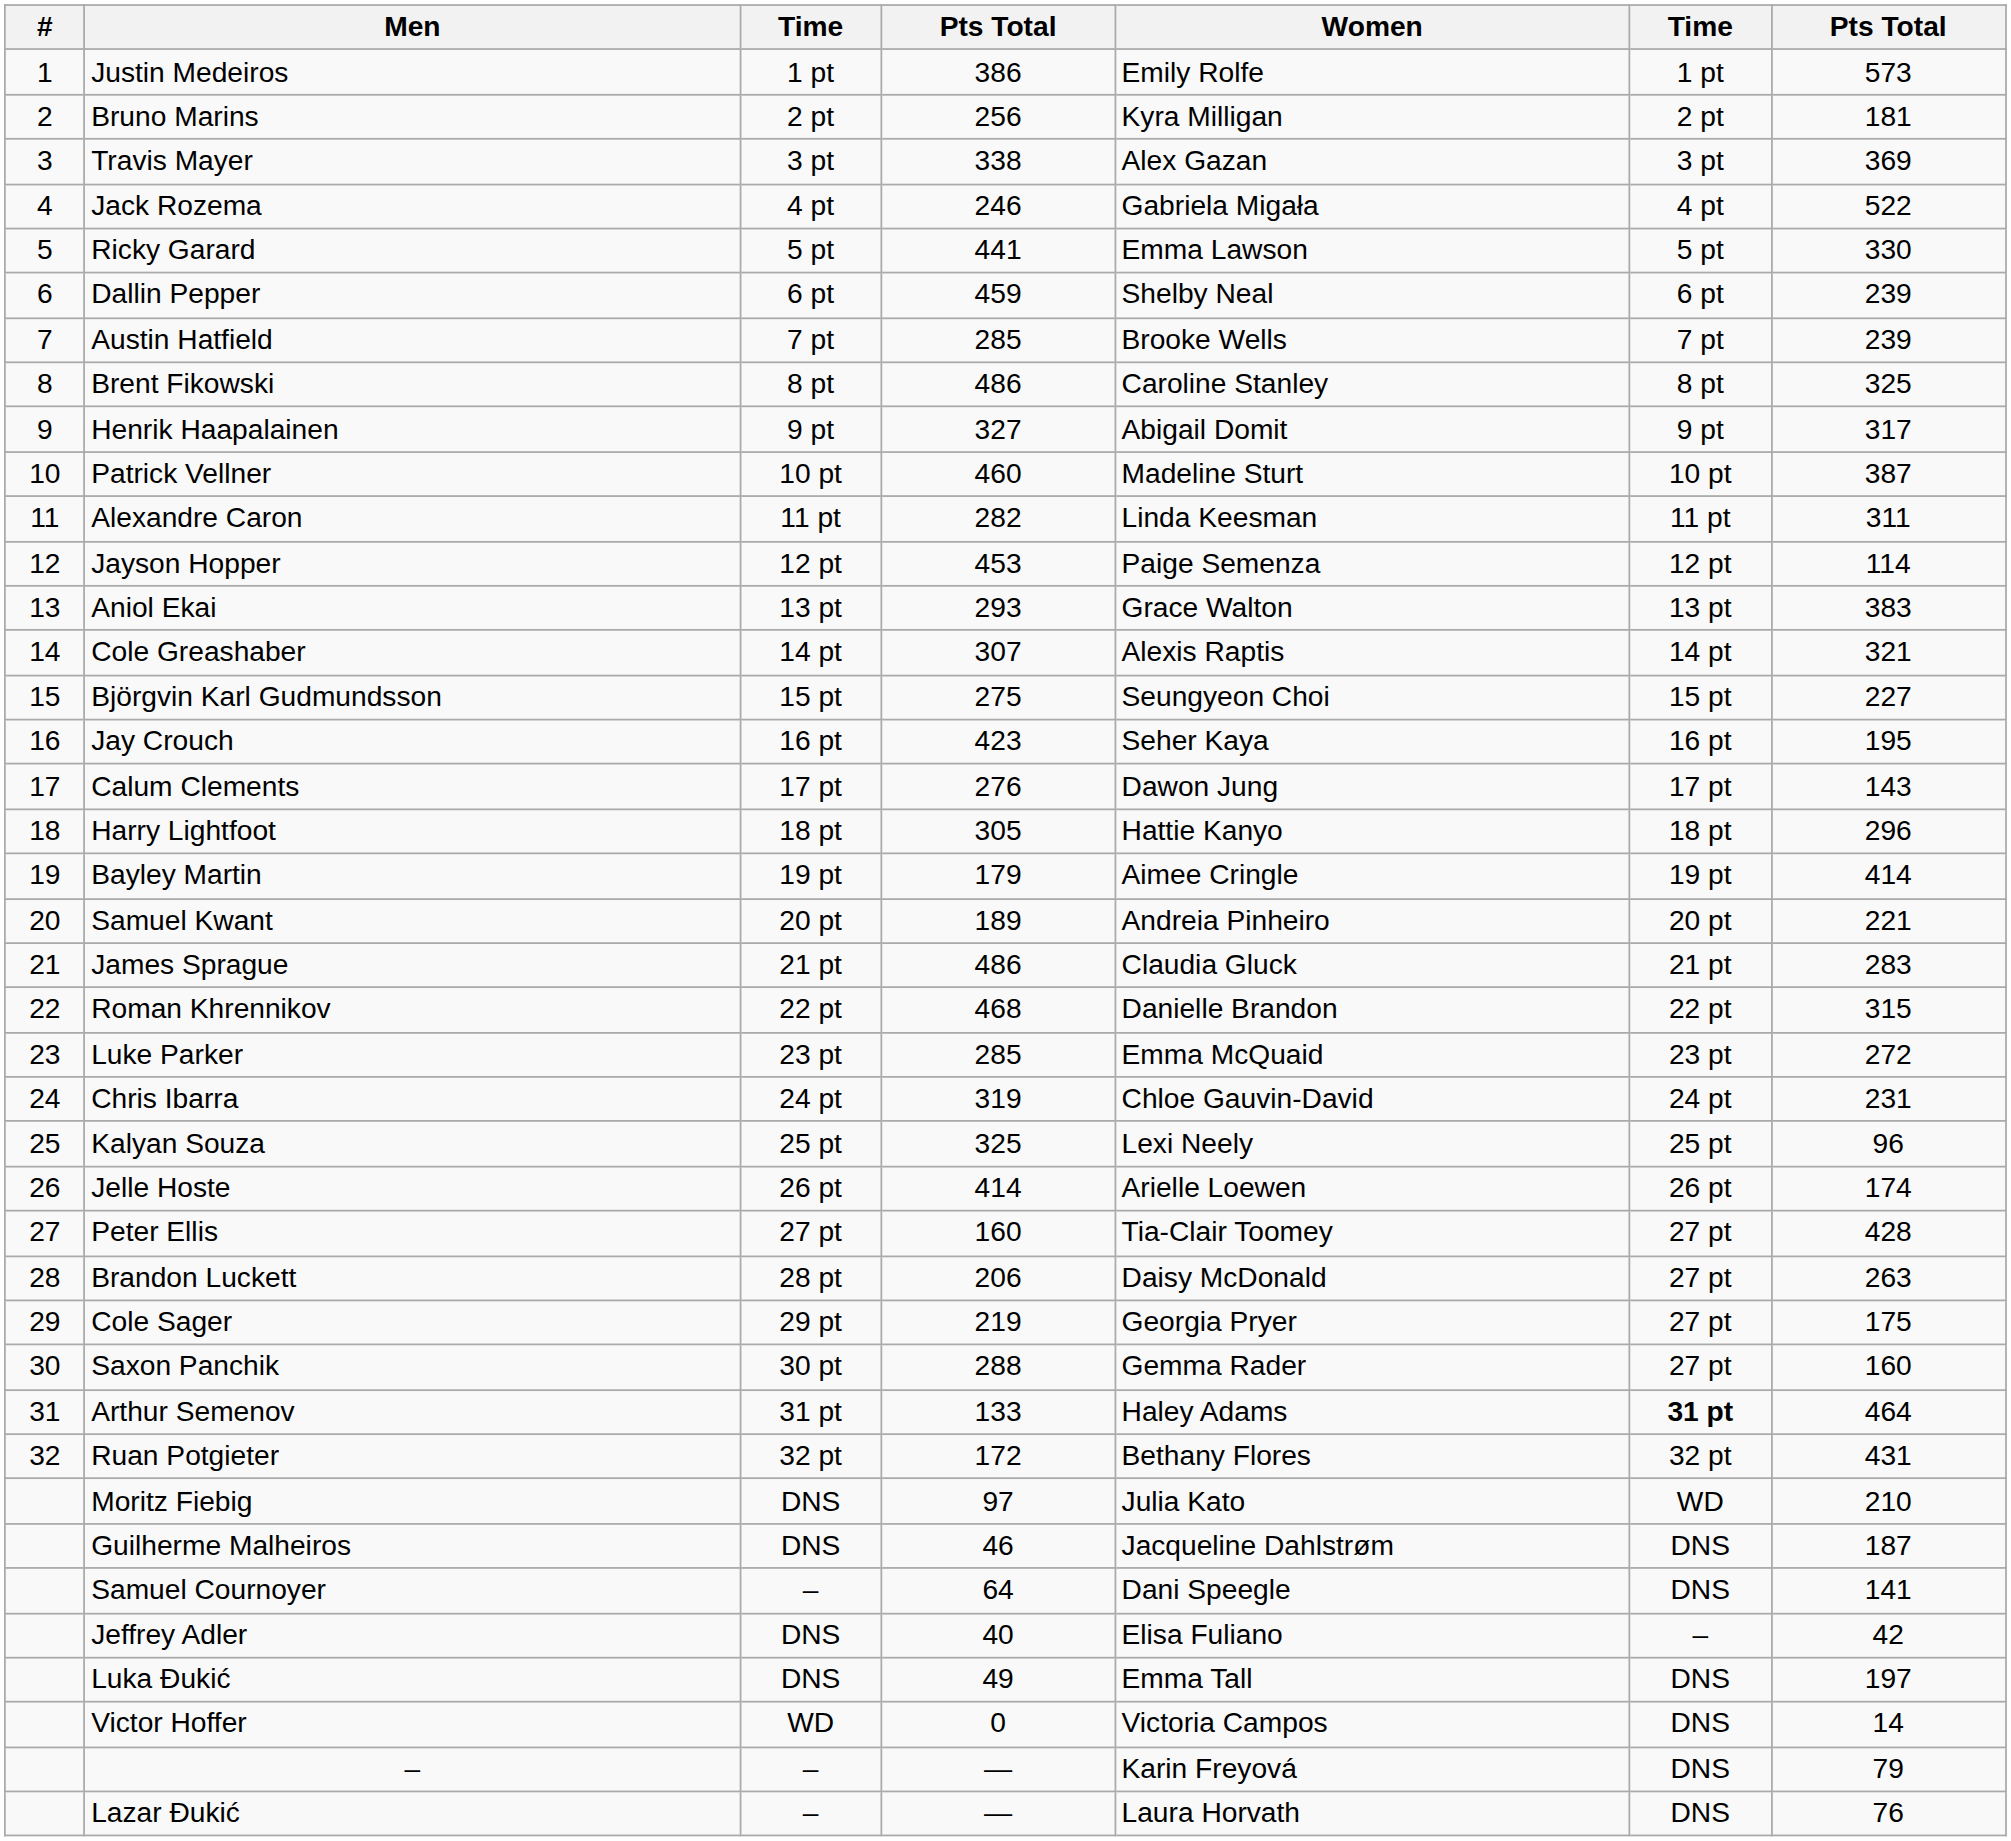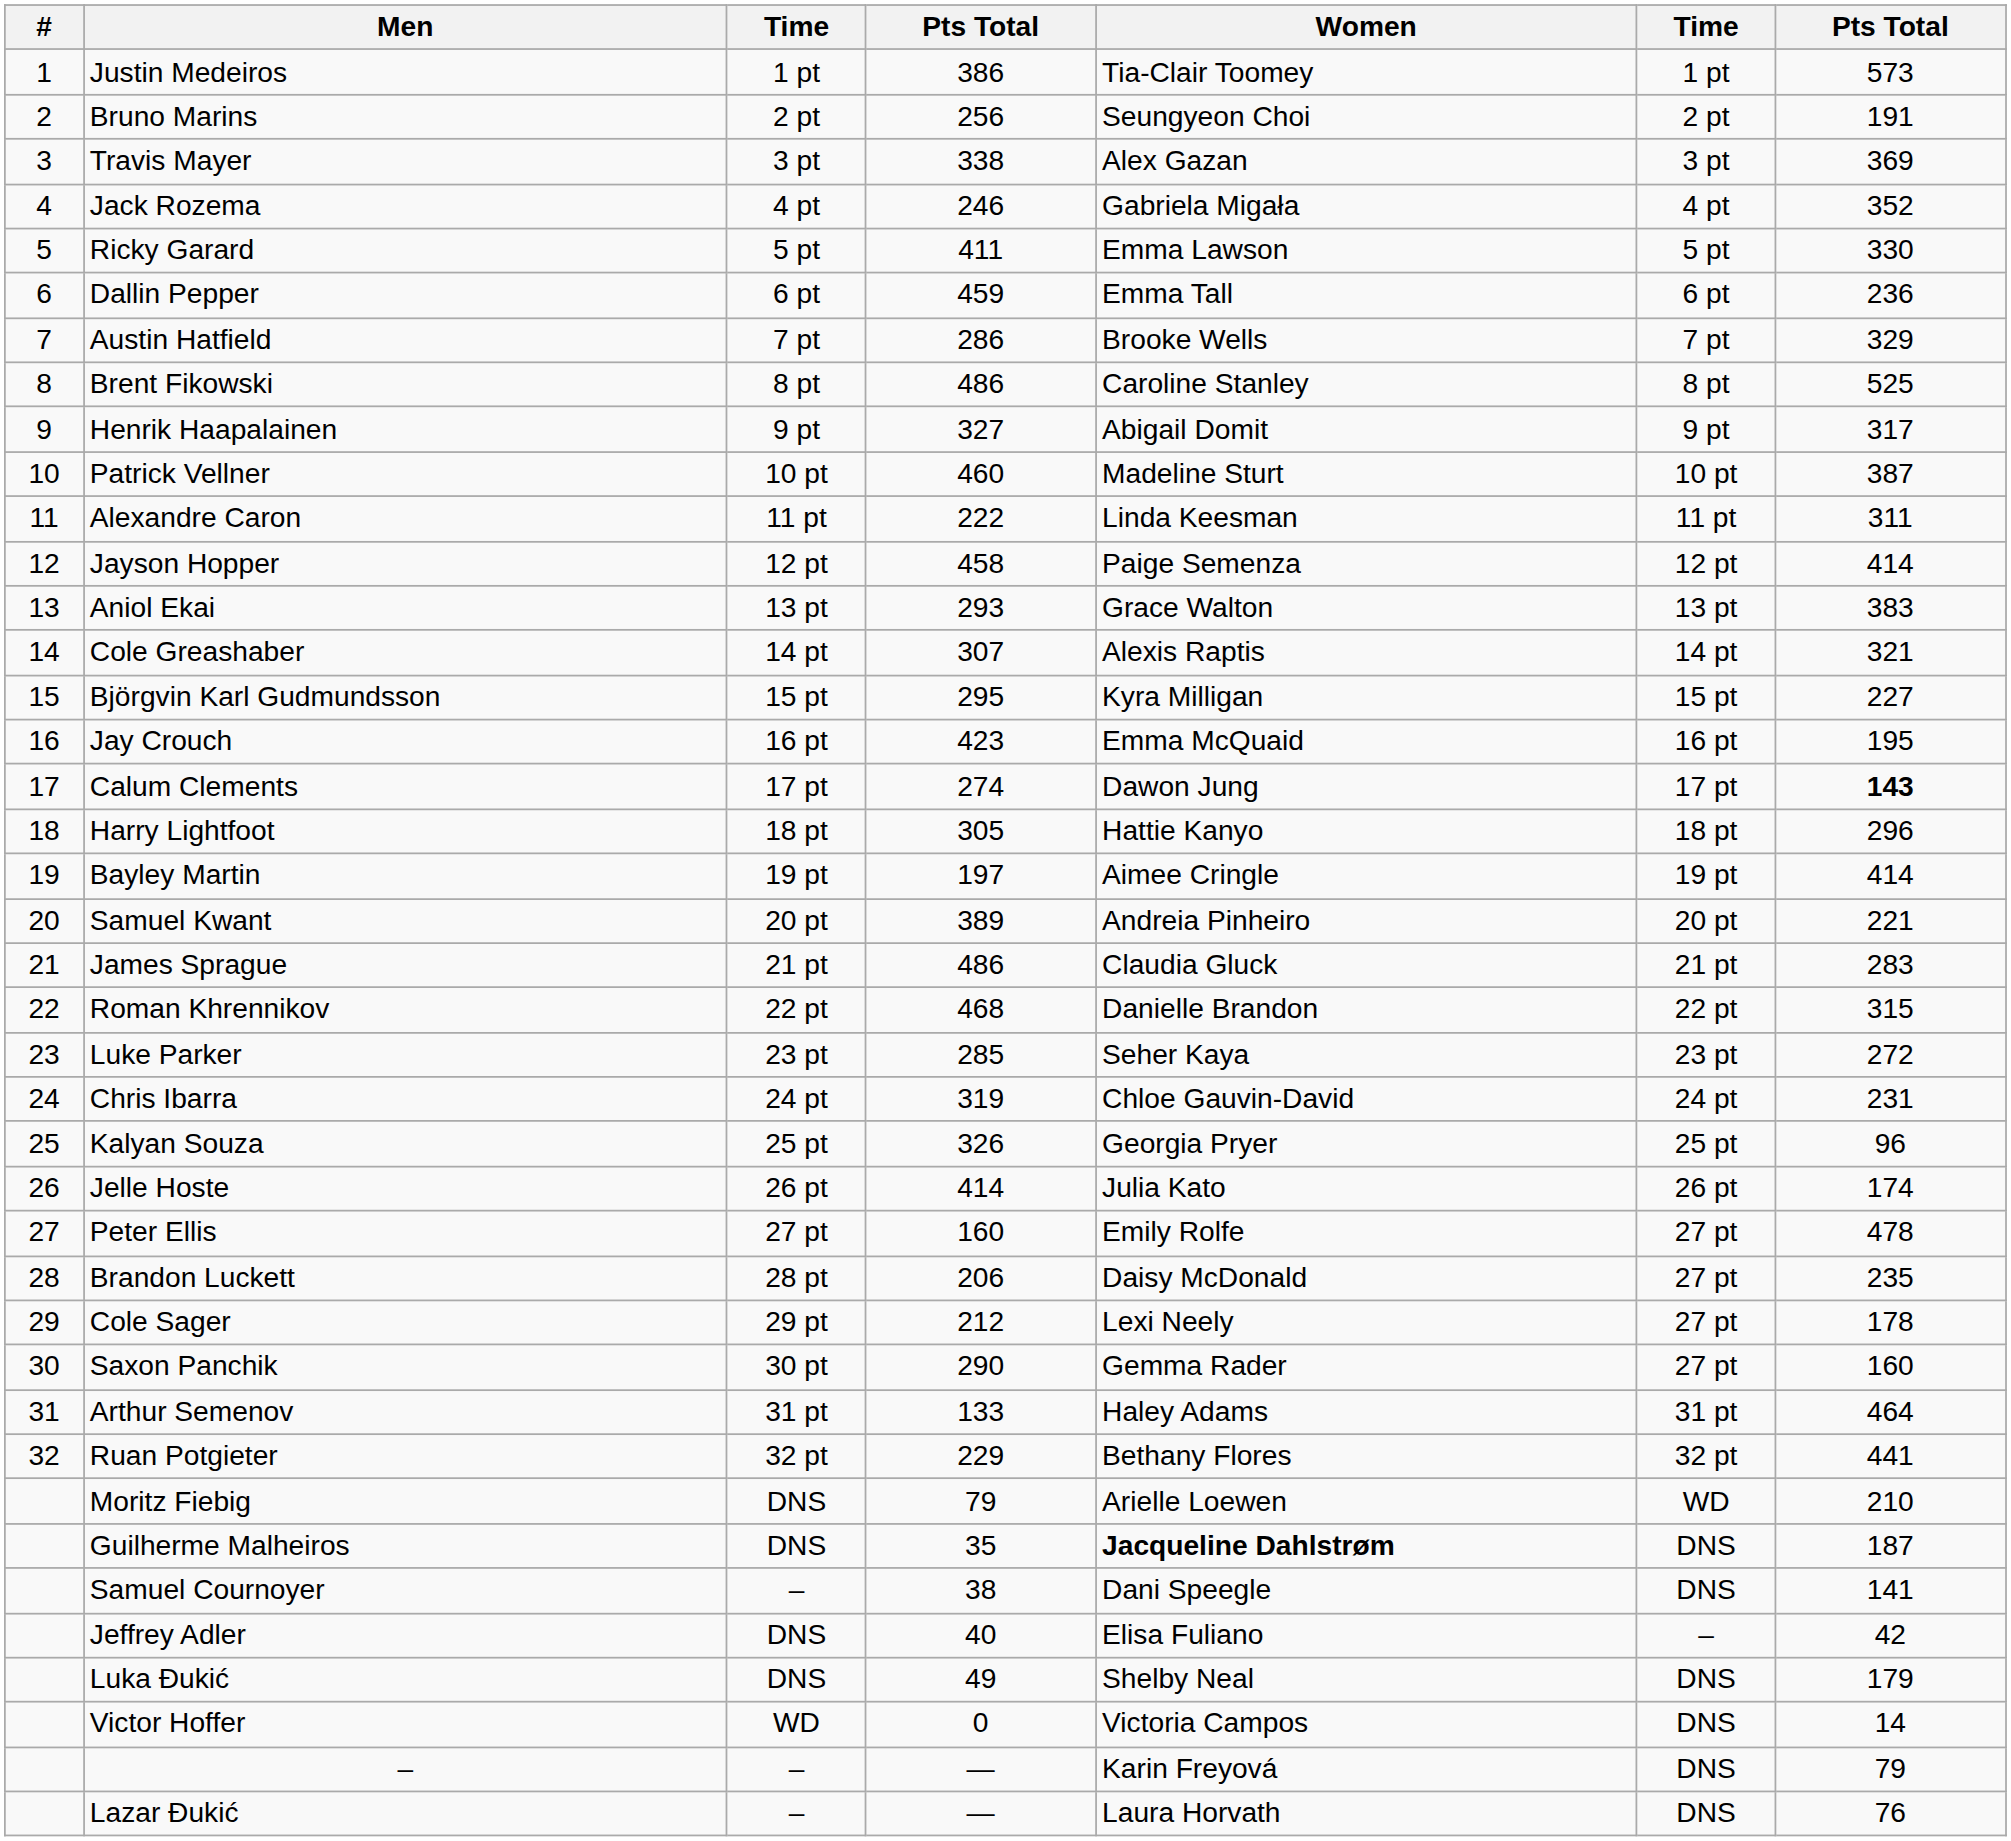 <table class="wikitable sortable" style="display: inline-table;width: 90%; text-align:center">
 <tr>
 <th>#</th>
 <th>Men</th>
 <th>Time</th>
 <th>Pts Total</th>
 <th>Women</th>
 <th>Time</th>
 <th>Pts Total</th>
 </tr>
 <tr>
 <td>1</td>
 <td align=left> Justin Medeiros</td>
 <td>1 pt</td>
 <td>386</td>
-<td align=left> Emily Rolfe</td>
+<td align=left> Tia-Clair Toomey</td>
 <td>1 pt</td>
 <td>573</td>
 </tr>
 <tr>
 <td>2</td>
 <td align=left> Bruno Marins</td>
 <td>2 pt</td>
 <td>256</td>
-<td align=left> Kyra Milligan</td>
+<td align=left> Seungyeon Choi</td>
 <td>2 pt</td>
-<td>181</td>
+<td>191</td>
 </tr>
 <tr>
 <td>3</td>
 <td align=left> Travis Mayer</td>
 <td>3 pt</td>
 <td>338</td>
 <td align=left> Alex Gazan</td>
 <td>3 pt</td>
 <td>369</td>
 </tr>
 <tr>
 <td>4</td>
 <td align=left> Jack Rozema</td>
 <td>4 pt</td>
 <td>246</td>
 <td align=left> Gabriela Migała</td>
 <td>4 pt</td>
-<td>522</td>
+<td>352</td>
 </tr>
 <tr>
 <td>5</td>
 <td align=left> Ricky Garard</td>
 <td>5 pt</td>
-<td>441</td>
+<td>411</td>
 <td align=left> Emma Lawson</td>
 <td>5 pt</td>
 <td>330</td>
 </tr>
 <tr>
 <td>6</td>
 <td align=left> Dallin Pepper</td>
 <td>6 pt</td>
 <td>459</td>
-<td align=left> Shelby Neal</td>
+<td align=left> Emma Tall</td>
 <td>6 pt</td>
-<td>239</td>
+<td>236</td>
 </tr>
 <tr>
 <td>7</td>
 <td align=left> Austin Hatfield</td>
 <td>7 pt</td>
-<td>285</td>
+<td>286</td>
 <td align=left> Brooke Wells</td>
 <td>7 pt</td>
-<td>239</td>
+<td>329</td>
 </tr>
 <tr>
 <td>8</td>
 <td align=left> Brent Fikowski</td>
 <td>8 pt</td>
 <td>486</td>
 <td align=left> Caroline Stanley</td>
 <td>8 pt</td>
-<td>325</td>
+<td>525</td>
 </tr>
 <tr>
 <td>9</td>
 <td align=left> Henrik Haapalainen</td>
 <td>9 pt</td>
 <td>327</td>
 <td align=left> Abigail Domit</td>
 <td>9 pt</td>
 <td>317</td>
 </tr>
 <tr>
 <td>10</td>
 <td align=left> Patrick Vellner</td>
 <td>10 pt</td>
 <td>460</td>
 <td align=left> Madeline Sturt</td>
 <td>10 pt</td>
 <td>387</td>
 </tr>
 <tr>
 <td>11</td>
 <td align=left> Alexandre Caron</td>
 <td>11 pt</td>
-<td>282</td>
+<td>222</td>
 <td align=left> Linda Keesman</td>
 <td>11 pt</td>
 <td>311</td>
 </tr>
 <tr>
 <td>12</td>
 <td align=left> Jayson Hopper</td>
 <td>12 pt</td>
-<td>453</td>
+<td>458</td>
 <td align=left> Paige Semenza</td>
 <td>12 pt</td>
-<td>114</td>
+<td>414</td>
 </tr>
 <tr>
 <td>13</td>
 <td align=left> Aniol Ekai</td>
 <td>13 pt</td>
 <td>293</td>
 <td align=left> Grace Walton</td>
 <td>13 pt</td>
 <td>383</td>
 </tr>
 <tr>
 <td>14</td>
 <td align=left> Cole Greashaber</td>
 <td>14 pt</td>
 <td>307</td>
 <td align=left> Alexis Raptis</td>
 <td>14 pt</td>
 <td>321</td>
 </tr>
 <tr>
 <td>15</td>
 <td align=left> Björgvin Karl Gudmundsson</td>
 <td>15 pt</td>
-<td>275</td>
-<td align=left> Seungyeon Choi</td>
+<td>295</td>
+<td align=left> Kyra Milligan</td>
 <td>15 pt</td>
 <td>227</td>
 </tr>
 <tr>
 <td>16</td>
 <td align=left> Jay Crouch</td>
 <td>16 pt</td>
 <td>423</td>
-<td align=left> Seher Kaya</td>
+<td align=left> Emma McQuaid</td>
 <td>16 pt</td>
 <td>195</td>
 </tr>
 <tr>
 <td>17</td>
 <td align=left> Calum Clements</td>
 <td>17 pt</td>
-<td>276</td>
+<td>274</td>
 <td align=left> Dawon Jung</td>
 <td>17 pt</td>
-<td>143</td>
+<td><strong>143</strong></td>
 </tr>
 <tr>
 <td>18</td>
 <td align=left> Harry Lightfoot</td>
 <td>18 pt</td>
 <td>305</td>
 <td align=left> Hattie Kanyo</td>
 <td>18 pt</td>
 <td>296</td>
 </tr>
 <tr>
 <td>19</td>
 <td align=left> Bayley Martin</td>
 <td>19 pt</td>
-<td>179</td>
+<td>197</td>
 <td align=left> Aimee Cringle</td>
 <td>19 pt</td>
 <td>414</td>
 </tr>
 <tr>
 <td>20</td>
 <td align=left> Samuel Kwant</td>
 <td>20 pt</td>
-<td>189</td>
+<td>389</td>
 <td align=left> Andreia Pinheiro</td>
 <td>20 pt</td>
 <td>221</td>
 </tr>
 <tr>
 <td>21</td>
 <td align=left> James Sprague</td>
 <td>21 pt</td>
 <td>486</td>
 <td align=left> Claudia Gluck</td>
 <td>21 pt</td>
 <td>283</td>
 </tr>
 <tr>
 <td>22</td>
 <td align=left> Roman Khrennikov</td>
 <td>22 pt</td>
 <td>468</td>
 <td align=left> Danielle Brandon</td>
 <td>22 pt</td>
 <td>315</td>
 </tr>
 <tr>
 <td>23</td>
 <td align=left> Luke Parker</td>
 <td>23 pt</td>
 <td>285</td>
-<td align=left> Emma McQuaid</td>
+<td align=left> Seher Kaya</td>
 <td>23 pt</td>
 <td>272</td>
 </tr>
 <tr>
 <td>24</td>
 <td align=left> Chris Ibarra</td>
 <td>24 pt</td>
 <td>319</td>
 <td align=left> Chloe Gauvin-David</td>
 <td>24 pt</td>
 <td>231</td>
 </tr>
 <tr>
 <td>25</td>
 <td align=left> Kalyan Souza</td>
 <td>25 pt</td>
-<td>325</td>
-<td align=left> Lexi Neely</td>
+<td>326</td>
+<td align=left> Georgia Pryer</td>
 <td>25 pt</td>
 <td>96</td>
 </tr>
 <tr>
 <td>26</td>
 <td align=left> Jelle Hoste</td>
 <td>26 pt</td>
 <td>414</td>
-<td align=left> Arielle Loewen</td>
+<td align=left> Julia Kato</td>
 <td>26 pt</td>
 <td>174</td>
 </tr>
 <tr>
 <td>27</td>
 <td align=left> Peter Ellis</td>
 <td>27 pt</td>
 <td>160</td>
-<td align=left> Tia-Clair Toomey</td>
+<td align=left> Emily Rolfe</td>
 <td>27 pt</td>
-<td>428</td>
+<td>478</td>
 </tr>
 <tr>
 <td>28</td>
 <td align=left> Brandon Luckett</td>
 <td>28 pt</td>
 <td>206</td>
 <td align=left> Daisy McDonald</td>
 <td>27 pt</td>
-<td>263</td>
+<td>235</td>
 </tr>
 <tr>
 <td>29</td>
 <td align=left> Cole Sager</td>
 <td>29 pt</td>
-<td>219</td>
-<td align=left> Georgia Pryer</td>
+<td>212</td>
+<td align=left> Lexi Neely</td>
 <td>27 pt</td>
-<td>175</td>
+<td>178</td>
 </tr>
 <tr>
 <td>30</td>
 <td align=left> Saxon Panchik</td>
 <td>30 pt</td>
-<td>288</td>
+<td>290</td>
 <td align=left> Gemma Rader</td>
 <td>27 pt</td>
 <td>160</td>
 </tr>
 <tr>
 <td>31</td>
 <td align=left> Arthur Semenov</td>
 <td>31 pt</td>
 <td>133</td>
 <td align=left> Haley Adams</td>
-<td><strong>31 pt</strong></td>
+<td>31 pt</td>
 <td>464</td>
 </tr>
 <tr>
 <td>32</td>
 <td align=left> Ruan Potgieter</td>
 <td>32 pt</td>
-<td>172</td>
+<td>229</td>
 <td align=left> Bethany Flores</td>
 <td>32 pt</td>
-<td>431</td>
+<td>441</td>
 </tr>
 <tr>
 <td></td>
 <td align=left> Moritz Fiebig</td>
 <td>DNS</td>
-<td>97</td>
-<td align=left> Julia Kato</td>
+<td>79</td>
+<td align=left> Arielle Loewen</td>
 <td>WD</td>
 <td>210</td>
 </tr>
 <tr>
 <td></td>
 <td align=left> Guilherme Malheiros</td>
 <td>DNS</td>
-<td>46</td>
-<td align=left> Jacqueline Dahlstrøm</td>
+<td>35</td>
+<td align=left><strong> Jacqueline Dahlstrøm</strong></td>
 <td>DNS</td>
 <td>187</td>
 </tr>
 <tr>
 <td></td>
 <td align=left> Samuel Cournoyer</td>
 <td>–</td>
-<td>64</td>
+<td>38</td>
 <td align=left> Dani Speegle</td>
 <td>DNS</td>
 <td>141</td>
 </tr>
 <tr>
 <td></td>
 <td align=left> Jeffrey Adler</td>
 <td>DNS</td>
 <td>40</td>
 <td align=left> Elisa Fuliano</td>
 <td>–</td>
 <td>42</td>
 </tr>
 <tr>
 <td></td>
 <td align=left> Luka Đukić</td>
 <td>DNS</td>
 <td>49</td>
-<td align=left> Emma Tall</td>
+<td align=left> Shelby Neal</td>
 <td>DNS</td>
-<td>197</td>
+<td>179</td>
 </tr>
 <tr>
 <td></td>
 <td align=left> Victor Hoffer</td>
 <td>WD</td>
 <td>0</td>
 <td align=left> Victoria Campos</td>
 <td>DNS</td>
 <td>14</td>
 </tr>
 <tr>
 <td></td>
 <td>–</td>
 <td>–</td>
 <td>—</td>
 <td align=left> Karin Freyová</td>
 <td>DNS</td>
 <td>79</td>
 </tr>
 <tr>
 <td></td>
 <td align=left> Lazar Đukić</td>
 <td>–</td>
 <td>—</td>
 <td align=left> Laura Horvath</td>
 <td>DNS</td>
 <td>76</td>
 </tr>
 </table>
